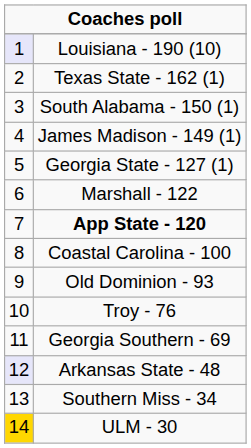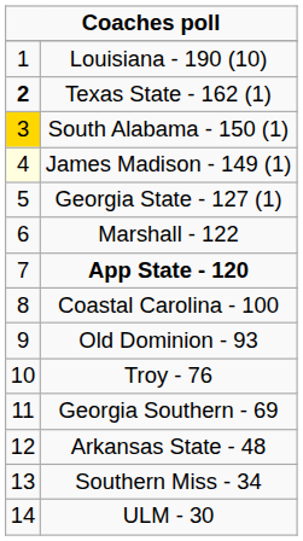 <table class="wikitable" style="display: inline-table;">
 <tr>
 <td align="center" Colspan="3"><strong>Coaches poll</strong></td>
 </tr>
 <tr align="center">
 </tr>
 <tr align="center">
-<td style="background: lavender;">1</td>
+<td>1</td>
 <td>Louisiana - 190 (10)</td>
 </tr>
 <tr align="center">
-<td>2</td>
+<td><strong>2</strong></td>
 <td>Texas State - 162 (1)</td>
 </tr>
 <tr align="center">
-<td>3</td>
+<td style="background: gold;">3</td>
 <td>South Alabama - 150 (1)</td>
 </tr>
 <tr align="center">
-<td>4</td>
+<td style="background: lightyellow;">4</td>
 <td>James Madison - 149 (1)</td>
 </tr>
 <tr align="center">
 <td>5</td>
 <td>Georgia State - 127 (1)</td>
 </tr>
 <tr align="center">
 <td>6</td>
 <td>Marshall - 122</td>
 </tr>
 <tr align="center">
 <td>7</td>
 <td><strong>App State - 120</strong></td>
 </tr>
 <tr align="center">
 <td>8</td>
 <td>Coastal Carolina - 100</td>
 </tr>
 <tr align="center">
 <td>9</td>
 <td>Old Dominion - 93</td>
 </tr>
 <tr align="center">
 <td>10</td>
 <td>Troy - 76</td>
 </tr>
 <tr align="center">
 <td>11</td>
 <td>Georgia Southern - 69</td>
 </tr>
 <tr align="center">
-<td style="background: lavender;">12</td>
+<td>12</td>
 <td>Arkansas State - 48</td>
 </tr>
 <tr align="center">
 <td>13</td>
 <td>Southern Miss - 34</td>
 </tr>
 <tr align="center">
-<td style="background: gold;">14</td>
+<td>14</td>
 <td>ULM - 30</td>
 </tr>
 </table>
